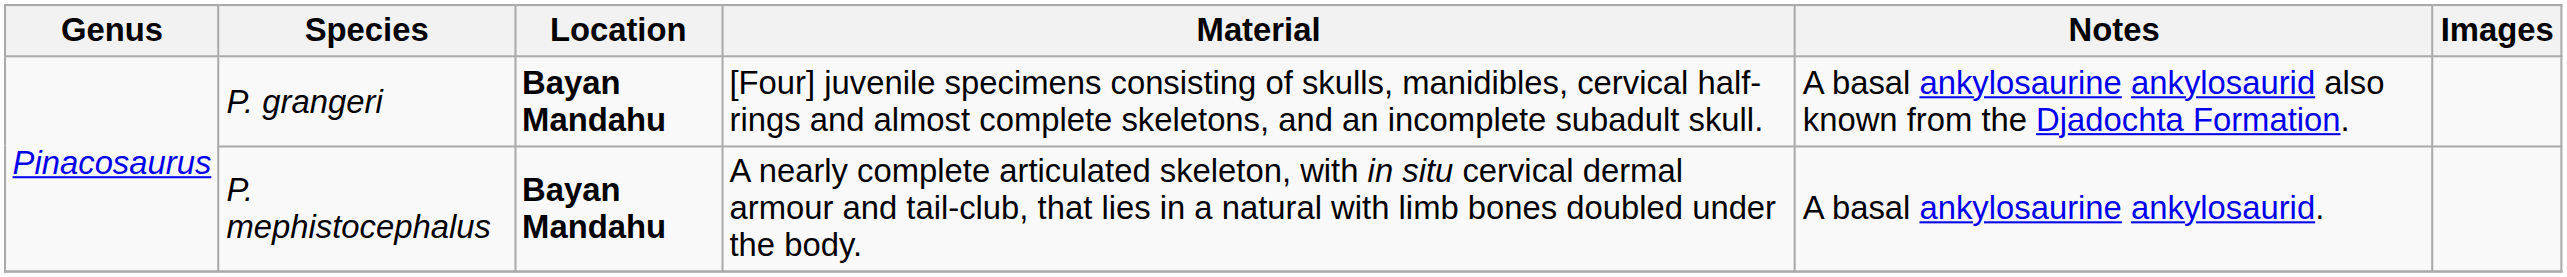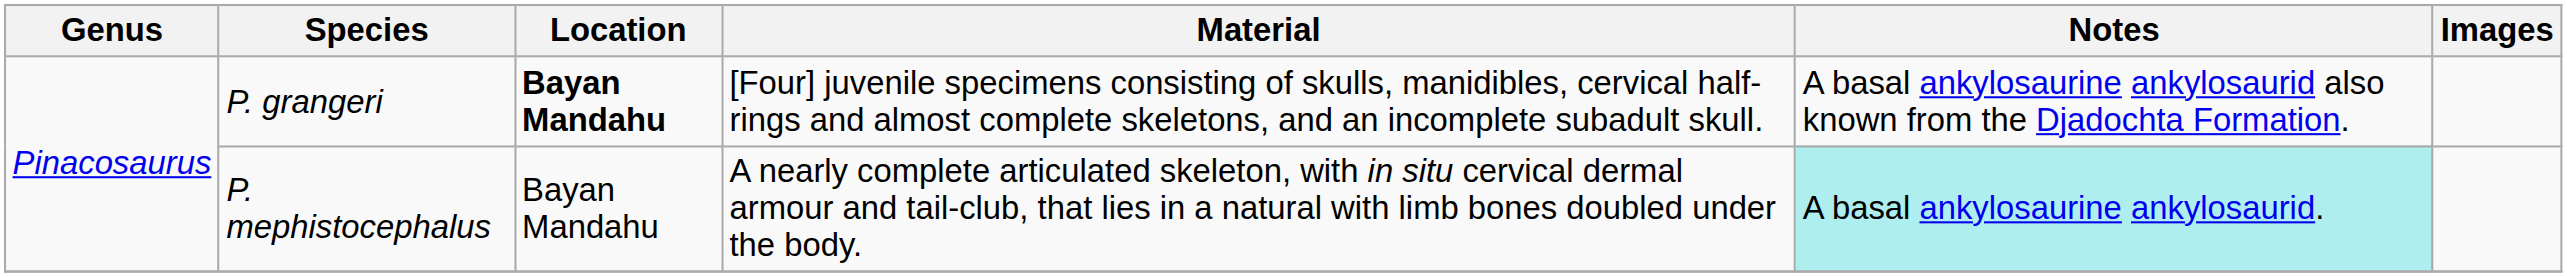 <table class="wikitable sortable">
 <tr>
 <th>Genus</th>
 <th>Species</th>
 <th>Location</th>
 <th>Material</th>
 <th>Notes</th>
 <th>Images</th>
 </tr>
 <tr>
 <td rowspan="2"><em><a href='#'>Pinacosaurus</a></em></td>
 <td><em>P. grangeri</em></td>
 <td><strong>Bayan Mandahu</strong></td>
 <td>[Four] juvenile specimens consisting of skulls, manidibles, cervical half-rings and almost complete skeletons, and an incomplete subadult skull.</td>
 <td>A basal <a href='#'>ankylosaurine</a> <a href='#'>ankylosaurid</a> also known from the <a href='#'>Djadochta Formation</a>.</td>
 <td></td>
 </tr>
 <tr>
 <td><em>P. mephistocephalus</em></td>
-<td><strong>Bayan Mandahu</strong></td>
+<td>Bayan Mandahu</td>
 <td>A nearly complete articulated skeleton, with <em>in situ</em> cervical dermal armour and tail-club, that lies in a natural with limb bones doubled under the body.</td>
-<td>A basal <a href='#'>ankylosaurine</a> <a href='#'>ankylosaurid</a>.</td>
+<td style="background: paleturquoise;">A basal <a href='#'>ankylosaurine</a> <a href='#'>ankylosaurid</a>.</td>
 <td></td>
 </tr>
 <tr>
 </tr>
 </table>
